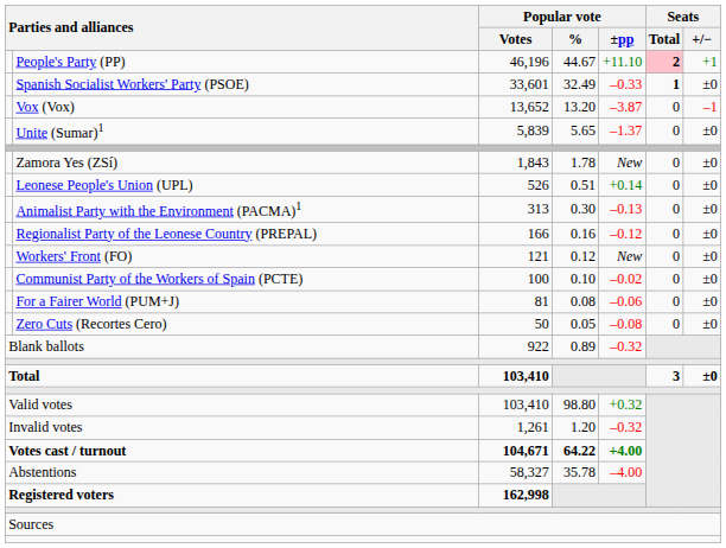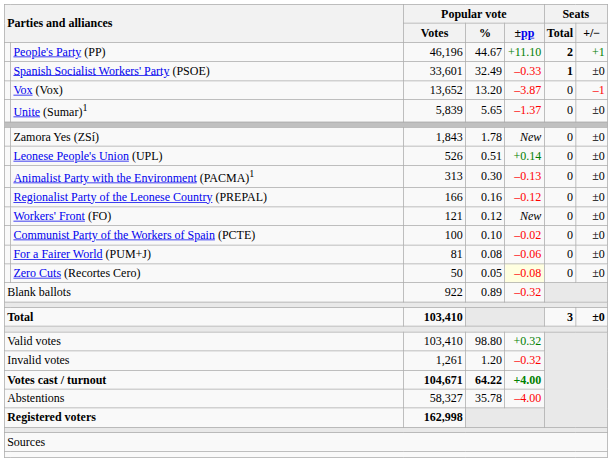 <table class="wikitable" style="text-align:right;">
 <tr>
 <th style="text-align:left;" rowspan="2" colspan="2" width="525">Parties and alliances</th>
 <th colspan="3">Popular vote</th>
 <th colspan="2">Seats</th>
 </tr>
 <tr>
 <th width="75">Votes</th>
 <th width="45">%</th>
 <th width="45">±<a href='#'>pp</a></th>
 <th width="35">Total</th>
 <th width="35">+/−</th>
 </tr>
 <tr>
 <td width="1" style="color:inherit;background:"></td>
 <td align="left"><a href='#'>People's Party</a> (PP)</td>
 <td>46,196</td>
 <td>44.67</td>
 <td style="color:green;">+11.10</td>
-<td style="background: pink;"><strong>2</strong></td>
+<td><strong>2</strong></td>
 <td style="color:green;">+1</td>
 </tr>
 <tr>
 <td style="color:inherit;background:"></td>
 <td align="left"><a href='#'>Spanish Socialist Workers' Party</a> (PSOE)</td>
 <td>33,601</td>
 <td>32.49</td>
 <td style="color:red;">–0.33</td>
 <td><strong>1</strong></td>
 <td>±0</td>
 </tr>
 <tr>
 <td style="color:inherit;background:"></td>
 <td align="left"><a href='#'>Vox</a> (Vox)</td>
 <td>13,652</td>
 <td>13.20</td>
 <td style="color:red;">–3.87</td>
 <td>0</td>
 <td style="color:red;">–1</td>
 </tr>
 <tr>
 <td style="color:inherit;background:"></td>
 <td align="left"><a href='#'>Unite</a> (Sumar)<sup>1</sup></td>
 <td>5,839</td>
 <td>5.65</td>
 <td style="color:red;">–1.37</td>
 <td>0</td>
 <td>±0</td>
 </tr>
 <tr>
 <td colspan="7" bgcolor="#C0C0C0"></td>
 </tr>
 <tr>
 <td style="color:inherit;background:"></td>
 <td align="left">Zamora Yes (ZSí)</td>
 <td>1,843</td>
 <td>1.78</td>
 <td><em>New</em></td>
 <td>0</td>
 <td>±0</td>
 </tr>
 <tr>
 <td style="color:inherit;background:"></td>
 <td align="left"><a href='#'>Leonese People's Union</a> (UPL)</td>
 <td>526</td>
 <td>0.51</td>
 <td style="color:green;">+0.14</td>
 <td>0</td>
 <td>±0</td>
 </tr>
 <tr>
 <td style="color:inherit;background:"></td>
 <td align="left"><a href='#'>Animalist Party with the Environment</a> (PACMA)<sup>1</sup></td>
 <td>313</td>
 <td>0.30</td>
 <td style="color:red;">–0.13</td>
 <td>0</td>
 <td>±0</td>
 </tr>
 <tr>
 <td style="color:inherit;background:"></td>
 <td align="left"><a href='#'>Regionalist Party of the Leonese Country</a> (PREPAL)</td>
 <td>166</td>
 <td>0.16</td>
 <td style="color:red;">–0.12</td>
 <td>0</td>
 <td>±0</td>
 </tr>
 <tr>
 <td style="color:inherit;background:"></td>
 <td align="left"><a href='#'>Workers' Front</a> (FO)</td>
 <td>121</td>
 <td>0.12</td>
 <td><em>New</em></td>
 <td>0</td>
 <td>±0</td>
 </tr>
 <tr>
 <td style="color:inherit;background:"></td>
 <td align="left"><a href='#'>Communist Party of the Workers of Spain</a> (PCTE)</td>
 <td>100</td>
 <td>0.10</td>
 <td style="color:red;">–0.02</td>
 <td>0</td>
 <td>±0</td>
 </tr>
 <tr>
 <td style="color:inherit;background:"></td>
 <td align="left"><a href='#'>For a Fairer World</a> (PUM+J)</td>
 <td>81</td>
 <td>0.08</td>
 <td style="color:red;">–0.06</td>
 <td>0</td>
 <td>±0</td>
 </tr>
 <tr>
 <td style="color:inherit;background:"></td>
 <td align="left"><a href='#'>Zero Cuts</a> (Recortes Cero)</td>
 <td>50</td>
 <td>0.05</td>
-<td style="color:red;">–0.08</td>
+<td style="background: lightyellow; color:red;">–0.08</td>
 <td>0</td>
 <td>±0</td>
 </tr>
 <tr>
 <td align="left" colspan="2">Blank ballots</td>
 <td>922</td>
 <td>0.89</td>
 <td style="color:red;">–0.32</td>
 <td bgcolor="#E9E9E9" colspan="2"></td>
 </tr>
 <tr>
 <td colspan="7" bgcolor="#E9E9E9"></td>
 </tr>
 <tr style="font-weight:bold;">
 <td align="left" colspan="2">Total</td>
 <td>103,410</td>
 <td bgcolor="#E9E9E9" colspan="2"></td>
 <td>3</td>
 <td>±0</td>
 </tr>
 <tr>
 <td colspan="7" bgcolor="#E9E9E9"></td>
 </tr>
 <tr>
 <td align="left" colspan="2">Valid votes</td>
 <td>103,410</td>
 <td>98.80</td>
 <td style="color:green;">+0.32</td>
 <td bgcolor="#E9E9E9" colspan="2" rowspan="5"></td>
 </tr>
 <tr>
 <td align="left" colspan="2">Invalid votes</td>
 <td>1,261</td>
 <td>1.20</td>
 <td style="color:red;">–0.32</td>
 </tr>
 <tr style="font-weight:bold;">
 <td align="left" colspan="2">Votes cast / turnout</td>
 <td>104,671</td>
 <td>64.22</td>
 <td style="color:green;">+4.00</td>
 </tr>
 <tr>
 <td align="left" colspan="2">Abstentions</td>
 <td>58,327</td>
 <td>35.78</td>
 <td style="color:red;">–4.00</td>
 </tr>
 <tr style="font-weight:bold;">
 <td align="left" colspan="2">Registered voters</td>
 <td>162,998</td>
 <td bgcolor="#E9E9E9" colspan="2"></td>
 </tr>
 <tr>
 <td colspan="7" bgcolor="#E9E9E9"></td>
 </tr>
 <tr>
 <td align="left" colspan="7">Sources</td>
 </tr>
 <tr>
 <td colspan="7" style="text-align:left; max-width:790px;"></td>
 </tr>
 </table>
